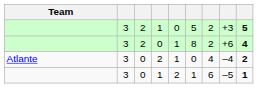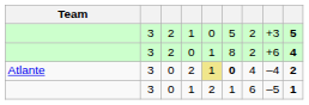 <table class="wikitable" style="text-align:center;">
 <tr>
 <th width=175>Team</th>
 <th width=20></th>
 <th width=20></th>
 <th width=20></th>
 <th width=20></th>
 <th width=20></th>
 <th width=20></th>
 <th width=20></th>
 <th width=20></th>
 </tr>
 <tr bgcolor="#ccffcc">
 <td align="left"></td>
 <td>3</td>
 <td>2</td>
 <td>1</td>
 <td>0</td>
 <td>5</td>
 <td>2</td>
 <td>+3</td>
 <td><strong>5</strong></td>
 </tr>
 <tr bgcolor="#ccffcc">
 <td align="left"></td>
 <td>3</td>
 <td>2</td>
 <td>0</td>
 <td>1</td>
 <td>8</td>
 <td>2</td>
 <td>+6</td>
 <td><strong>4</strong></td>
 </tr>
 <tr>
 <td align="left"> <a href='#'>Atlante</a></td>
 <td>3</td>
 <td>0</td>
 <td>2</td>
-<td>1</td>
-<td>0</td>
+<td style="background: khaki;">1</td>
+<td><strong>0</strong></td>
 <td>4</td>
 <td>–4</td>
 <td><strong>2</strong></td>
 </tr>
 <tr>
 <td align="left"></td>
 <td>3</td>
 <td>0</td>
 <td>1</td>
 <td>2</td>
 <td>1</td>
 <td>6</td>
 <td>–5</td>
 <td><strong>1</strong></td>
 </tr>
 </table>
